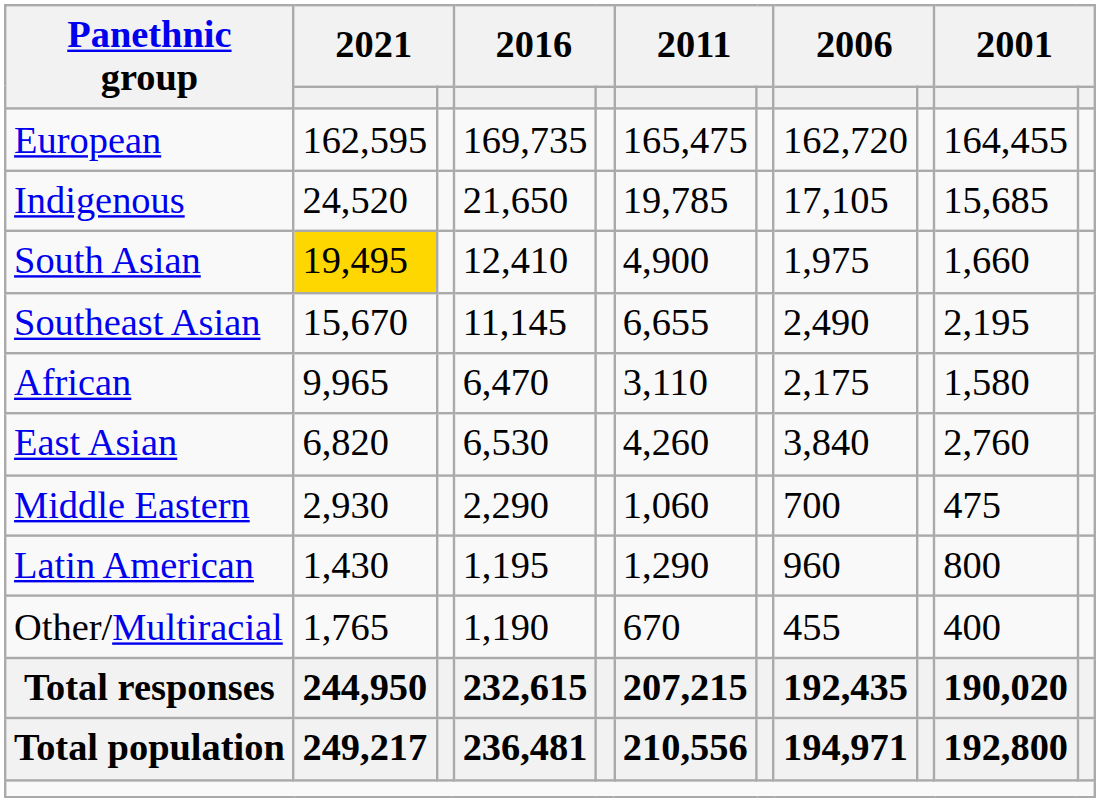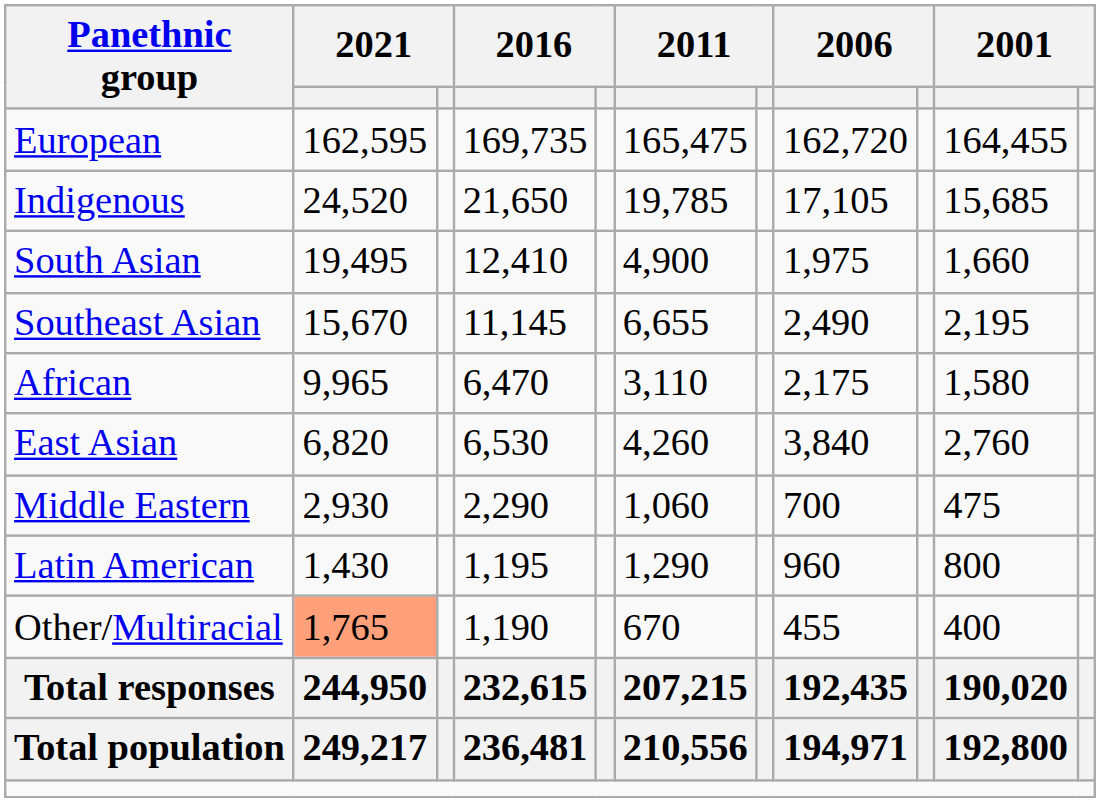 <table class="wikitable collapsible sortable">
 <tr>
 <th rowspan="2"><a href='#'>Panethnic</a><br>group</th>
 <th colspan="2">2021</th>
 <th colspan="2">2016</th>
 <th colspan="2">2011</th>
 <th colspan="2">2006</th>
 <th colspan="2">2001</th>
 </tr>
 <tr>
 <th><a href='#'></a></th>
 <th></th>
 <th></th>
 <th></th>
 <th></th>
 <th></th>
 <th></th>
 <th></th>
 <th></th>
 <th></th>
 </tr>
 <tr>
 <td><a href='#'>European</a></td>
 <td>162,595</td>
 <td></td>
 <td>169,735</td>
 <td></td>
 <td>165,475</td>
 <td></td>
 <td>162,720</td>
 <td></td>
 <td>164,455</td>
 <td></td>
 </tr>
 <tr>
 <td><a href='#'>Indigenous</a></td>
 <td>24,520</td>
 <td></td>
 <td>21,650</td>
 <td></td>
 <td>19,785</td>
 <td></td>
 <td>17,105</td>
 <td></td>
 <td>15,685</td>
 <td></td>
 </tr>
 <tr>
 <td><a href='#'>South Asian</a></td>
-<td style="background: gold;">19,495</td>
+<td>19,495</td>
 <td></td>
 <td>12,410</td>
 <td></td>
 <td>4,900</td>
 <td></td>
 <td>1,975</td>
 <td></td>
 <td>1,660</td>
 <td></td>
 </tr>
 <tr>
 <td><a href='#'>Southeast Asian</a></td>
 <td>15,670</td>
 <td></td>
 <td>11,145</td>
 <td></td>
 <td>6,655</td>
 <td></td>
 <td>2,490</td>
 <td></td>
 <td>2,195</td>
 <td></td>
 </tr>
 <tr>
 <td><a href='#'>African</a></td>
 <td>9,965</td>
 <td></td>
 <td>6,470</td>
 <td></td>
 <td>3,110</td>
 <td></td>
 <td>2,175</td>
 <td></td>
 <td>1,580</td>
 <td></td>
 </tr>
 <tr>
 <td><a href='#'>East Asian</a></td>
 <td>6,820</td>
 <td></td>
 <td>6,530</td>
 <td></td>
 <td>4,260</td>
 <td></td>
 <td>3,840</td>
 <td></td>
 <td>2,760</td>
 <td></td>
 </tr>
 <tr>
 <td><a href='#'>Middle Eastern</a></td>
 <td>2,930</td>
 <td></td>
 <td>2,290</td>
 <td></td>
 <td>1,060</td>
 <td></td>
 <td>700</td>
 <td></td>
 <td>475</td>
 <td></td>
 </tr>
 <tr>
 <td><a href='#'>Latin American</a></td>
 <td>1,430</td>
 <td></td>
 <td>1,195</td>
 <td></td>
 <td>1,290</td>
 <td></td>
 <td>960</td>
 <td></td>
 <td>800</td>
 <td></td>
 </tr>
 <tr>
 <td>Other/<a href='#'>Multiracial</a></td>
-<td>1,765</td>
+<td style="background: lightsalmon;">1,765</td>
 <td></td>
 <td>1,190</td>
 <td></td>
 <td>670</td>
 <td></td>
 <td>455</td>
 <td></td>
 <td>400</td>
 <td></td>
 </tr>
 <tr>
 <th>Total responses</th>
 <th>244,950</th>
 <th></th>
 <th>232,615</th>
 <th></th>
 <th>207,215</th>
 <th></th>
 <th>192,435</th>
 <th></th>
 <th>190,020</th>
 <th></th>
 </tr>
 <tr>
 <th>Total population</th>
 <th>249,217</th>
 <th></th>
 <th>236,481</th>
 <th></th>
 <th>210,556</th>
 <th></th>
 <th>194,971</th>
 <th></th>
 <th>192,800</th>
 <th></th>
 </tr>
 <tr class="sortbottom">
 <td colspan="15"></td>
 </tr>
 </table>
